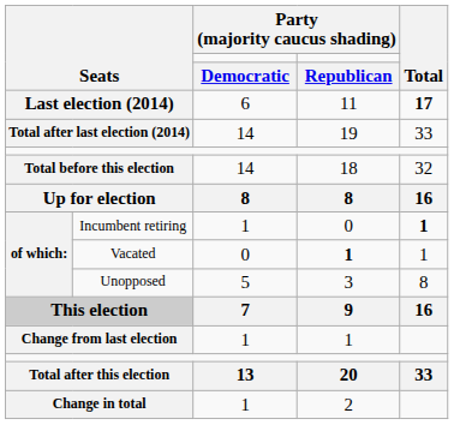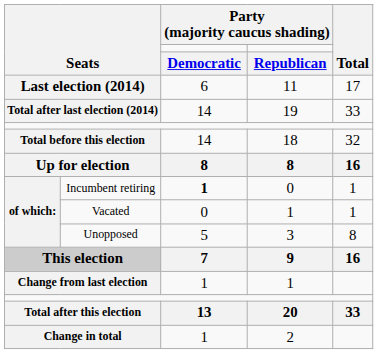 <table class=wikitable style="text-align:center">
 <tr style="vertical-align:bottom;">
 <th rowspan=3 colspan=2>Seats</th>
 <th colspan=2>Party <div>(majority caucus shading)</div></th>
 <th rowspan=3>Total</th>
 </tr>
 <tr style="height:5px">
 <td style="background-color:"></td>
 <td style="background-color:"></td>
 </tr>
 <tr>
 <th><a href='#'>Democratic</a></th>
 <th><a href='#'>Republican</a></th>
 </tr>
 <tr>
 <th nowrap colspan=2>Last election (2014)</th>
 <td>6</td>
 <td>11</td>
-<td><strong>17</strong></td>
+<td>17</td>
 </tr>
 <tr>
 <th nowrap style="font-size:80%" colspan=2>Total after last election (2014)</th>
 <td>14</td>
 <td>19</td>
 <td>33</td>
 </tr>
 <tr>
 <td colspan=5></td>
 </tr>
 <tr>
 <th nowrap style="font-size:80%" colspan=2>Total before this election</th>
 <td>14</td>
 <td>18</td>
 <td>32</td>
 </tr>
 <tr>
 <th colspan=2>Up for election</th>
 <th>8</th>
 <th>8</th>
 <th>16</th>
 </tr>
 <tr>
 <th style="font-size:80%" rowspan=3>of which:</th>
 <td nowrap style="font-size:80%">Incumbent retiring</td>
+<td><strong>1</strong></td>
+<td>0</td>
 <td>1</td>
-<td>0</td>
-<td><strong>1</strong></td>
 </tr>
 <tr>
 <td nowrap style="font-size:80%">Vacated</td>
 <td>0</td>
-<td><strong>1</strong></td>
+<td>1</td>
 <td>1</td>
 </tr>
 <tr>
 <td nowrap style="font-size:80%">Unopposed</td>
 <td>5</td>
 <td>3</td>
 <td>8</td>
 </tr>
 <tr>
 <th nowrap style="background:#ccc" colspan=2>This election</th>
 <th>7</th>
 <th>9</th>
 <th>16</th>
 </tr>
 <tr>
 <th nowrap style="font-size:80%"  colspan=2>Change from last election</th>
 <td> 1</td>
 <td> 1</td>
 <td></td>
 </tr>
 <tr>
 <td colspan=5></td>
 </tr>
 <tr>
 <th nowrap style="font-size:80%" colspan=2>Total after this election</th>
 <th>13</th>
 <th>20</th>
 <th>33</th>
 </tr>
 <tr>
 <th nowrap style="font-size:80%"  colspan=2>Change in total</th>
 <td> 1</td>
 <td> 2</td>
 <td></td>
 </tr>
 </table>
